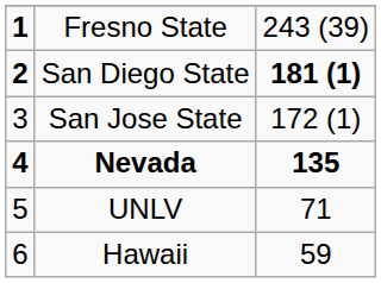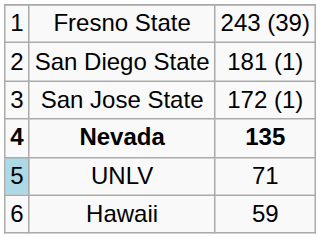 <table class="wikitable" style="display: inline-table;">
 <tr align="center">
 </tr>
 <tr align="center">
-<td><strong>1</strong></td>
+<td>1</td>
 <td>Fresno State</td>
 <td>243 (39)</td>
 </tr>
 <tr align="center">
-<td><strong>2</strong></td>
+<td>2</td>
 <td>San Diego State</td>
-<td><strong>181 (1)</strong></td>
+<td>181 (1)</td>
 </tr>
 <tr align="center">
 <td>3</td>
 <td>San Jose State</td>
 <td>172 (1)</td>
 </tr>
 <tr align="center">
 <td><strong>4</strong></td>
 <td><strong>Nevada</strong></td>
 <td><strong>135</strong></td>
 </tr>
 <tr align="center">
-<td>5</td>
+<td style="background: lightblue;">5</td>
 <td>UNLV</td>
 <td>71</td>
 </tr>
 <tr align="center">
 <td>6</td>
 <td>Hawaii</td>
 <td>59</td>
 </tr>
 </table>
